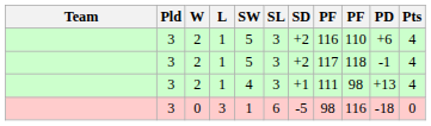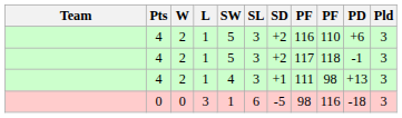 <table class="wikitable" style="text-align:center">
 <tr>
 <th width="160">Team</th>
-<th width="20">Pld</th>
+<th width="20">Pts</th>
 <th width="20">W</th>
 <th width="20">L</th>
 <th width="20">SW</th>
 <th width="20">SL</th>
 <th width="20">SD</th>
 <th width="20">PF</th>
 <th width="20">PF</th>
 <th width="20">PD</th>
-<th width="20">Pts</th>
+<th width="20">Pld</th>
 </tr>
 <tr bgcolor="ccffcc">
 <td align="left"></td>
-<td>3</td>
+<td>4</td>
 <td>2</td>
 <td>1</td>
 <td>5</td>
 <td>3</td>
 <td>+2</td>
 <td>116</td>
 <td>110</td>
 <td>+6</td>
-<td>4</td>
+<td>3</td>
 </tr>
 <tr bgcolor="ccffcc">
 <td align="left"></td>
-<td>3</td>
+<td>4</td>
 <td>2</td>
 <td>1</td>
 <td>5</td>
 <td>3</td>
 <td>+2</td>
 <td>117</td>
 <td>118</td>
 <td>-1</td>
-<td>4</td>
+<td>3</td>
 </tr>
 <tr bgcolor="ccffcc">
 <td align="left"></td>
-<td>3</td>
+<td>4</td>
 <td>2</td>
 <td>1</td>
 <td>4</td>
 <td>3</td>
 <td>+1</td>
 <td>111</td>
 <td>98</td>
 <td>+13</td>
-<td>4</td>
+<td>3</td>
 </tr>
 <tr bgcolor="ffcccc">
 <td align="left"></td>
-<td>3</td>
+<td>0</td>
 <td>0</td>
 <td>3</td>
 <td>1</td>
 <td>6</td>
 <td>-5</td>
 <td>98</td>
 <td>116</td>
 <td>-18</td>
-<td>0</td>
+<td>3</td>
 </tr>
 </table>
